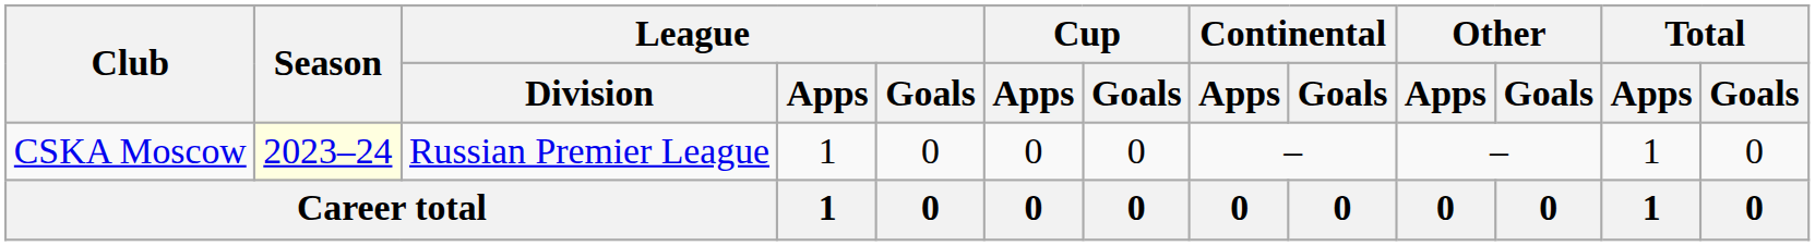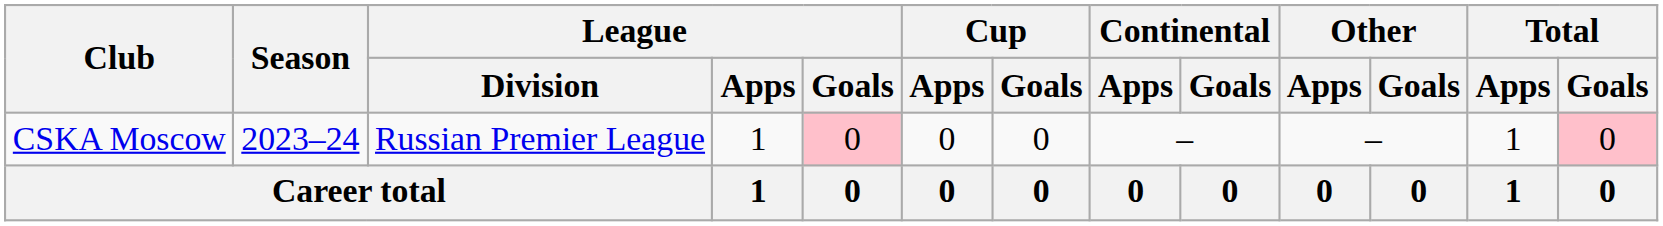 <table class="wikitable" style="text-align: center;">
 <tr>
 <th rowspan=2>Club</th>
 <th rowspan=2>Season</th>
 <th colspan=3>League</th>
 <th colspan=2>Cup</th>
 <th colspan=2>Continental</th>
 <th colspan=2>Other</th>
 <th colspan=2>Total</th>
 </tr>
 <tr>
 <th>Division</th>
 <th>Apps</th>
 <th>Goals</th>
 <th>Apps</th>
 <th>Goals</th>
 <th>Apps</th>
 <th>Goals</th>
 <th>Apps</th>
 <th>Goals</th>
 <th>Apps</th>
 <th>Goals</th>
 </tr>
 <tr>
 <td><a href='#'>CSKA Moscow</a></td>
-<td style="background: lightyellow;"><a href='#'>2023–24</a></td>
+<td><a href='#'>2023–24</a></td>
 <td><a href='#'>Russian Premier League</a></td>
 <td>1</td>
-<td>0</td>
+<td style="background: pink;">0</td>
 <td>0</td>
 <td>0</td>
 <td colspan=2>–</td>
 <td colspan=2>–</td>
 <td>1</td>
-<td>0</td>
+<td style="background: pink;">0</td>
 </tr>
 <tr>
 <th colspan=3>Career total</th>
 <th>1</th>
 <th>0</th>
 <th>0</th>
 <th>0</th>
 <th>0</th>
 <th>0</th>
 <th>0</th>
 <th>0</th>
 <th>1</th>
 <th>0</th>
 </tr>
 </table>
